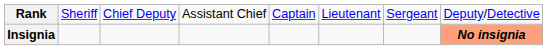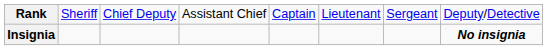 <table class="wikitable">
 <tr style="text-align:center;">
 <th>Rank</th>
 <td><a href='#'>Sheriff</a></td>
 <td><a href='#'>Chief Deputy</a></td>
 <td>Assistant Chief</td>
 <td><a href='#'>Captain</a></td>
 <td><a href='#'>Lieutenant</a></td>
 <td><a href='#'>Sergeant</a></td>
 <td><a href='#'>Deputy</a>/<a href='#'>Detective</a></td>
 </tr>
 <tr style="text-align:center;">
 <th>Insignia</th>
 <td></td>
 <td></td>
 <td></td>
 <td></td>
 <td></td>
 <td></td>
-<td style="background: lightsalmon;"><strong><em>No insignia</em></strong></td>
+<td><strong><em>No insignia</em></strong></td>
 </tr>
 </table>
